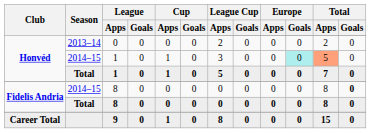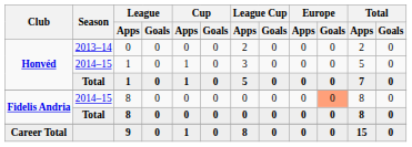 <table class="wikitable" style="font-size:90%; text-align: center;">
 <tr>
 <th rowspan="2">Club</th>
 <th rowspan="2">Season</th>
 <th colspan="2">League</th>
 <th colspan="2">Cup</th>
 <th colspan="2">League Cup</th>
 <th colspan="2">Europe</th>
 <th colspan="2">Total</th>
 </tr>
 <tr>
 <th>Apps</th>
 <th>Goals</th>
 <th>Apps</th>
 <th>Goals</th>
 <th>Apps</th>
 <th>Goals</th>
 <th>Apps</th>
 <th>Goals</th>
 <th>Apps</th>
 <th>Goals</th>
 </tr>
 <tr ||-||-||-|->
 <td rowspan="4" valign="center"><strong><a href='#'>Honvéd</a></strong></td>
 </tr>
 <tr>
 <td><a href='#'>2013–14</a></td>
 <td>0</td>
 <td>0</td>
 <td>0</td>
 <td>0</td>
 <td>2</td>
 <td>0</td>
 <td>0</td>
 <td>0</td>
 <td>2</td>
 <td>0</td>
 </tr>
 <tr>
 <td><a href='#'>2014–15</a></td>
 <td>1</td>
 <td>0</td>
 <td>1</td>
 <td>0</td>
 <td>3</td>
 <td>0</td>
 <td>0</td>
-<td style="background: paleturquoise;">0</td>
-<td style="background: lightsalmon;">5</td>
+<td>0</td>
+<td>5</td>
 <td>0</td>
 </tr>
 <tr style="font-weight:bold; background-color:#eeeeee;">
 <td>Total</td>
 <td>1</td>
 <td>0</td>
 <td>1</td>
 <td>0</td>
 <td>5</td>
 <td>0</td>
 <td>0</td>
 <td>0</td>
 <td>7</td>
 <td>0</td>
 </tr>
 <tr>
 </tr>
 <tr ||-||-||-|->
 <td rowspan="3" valign="center"><strong><a href='#'>Fidelis Andria</a></strong></td>
 </tr>
 <tr>
 <td><a href='#'>2014–15</a></td>
 <td>8</td>
 <td>0</td>
 <td>0</td>
 <td>0</td>
 <td>0</td>
 <td>0</td>
 <td>0</td>
+<td style="background: lightsalmon;">0</td>
+<td>8</td>
 <td>0</td>
-<td>8</td>
-<td><strong>0</strong></td>
 </tr>
 <tr style="font-weight:bold; background-color:#eeeeee;">
 <td>Total</td>
 <td>8</td>
 <td>0</td>
 <td>0</td>
 <td>0</td>
 <td>0</td>
 <td>0</td>
 <td>0</td>
 <td>0</td>
 <td>8</td>
 <td>0</td>
 </tr>
 <tr>
 </tr>
 <tr style="font-weight:bold; background-color:#eeeeee;">
 <td rowspan="1" valign="top"><strong>Career Total</strong></td>
 <td></td>
 <td><strong>9</strong></td>
 <td><strong>0</strong></td>
 <td><strong>1</strong></td>
 <td><strong>0</strong></td>
 <td><strong>8</strong></td>
 <td><strong>0</strong></td>
 <td><strong>0</strong></td>
 <td><strong>0</strong></td>
 <td><strong>15</strong></td>
 <td><strong>0</strong></td>
 </tr>
 </table>
